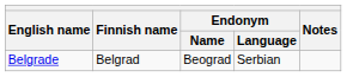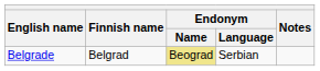 <table class="wikitable sortable">
 <tr>
 <th colspan="5"></th>
 </tr>
 <tr>
 <th rowspan="2">English name</th>
 <th rowspan="2">Finnish name</th>
 <th colspan="2">Endonym</th>
 <th rowspan="2">Notes</th>
 </tr>
 <tr>
 <th>Name</th>
 <th>Language</th>
 </tr>
 <tr>
 <td><a href='#'>Belgrade</a></td>
 <td>Belgrad</td>
-<td>Beograd</td>
+<td style="background: khaki;">Beograd</td>
 <td>Serbian</td>
 <td></td>
 </tr>
 </table>
